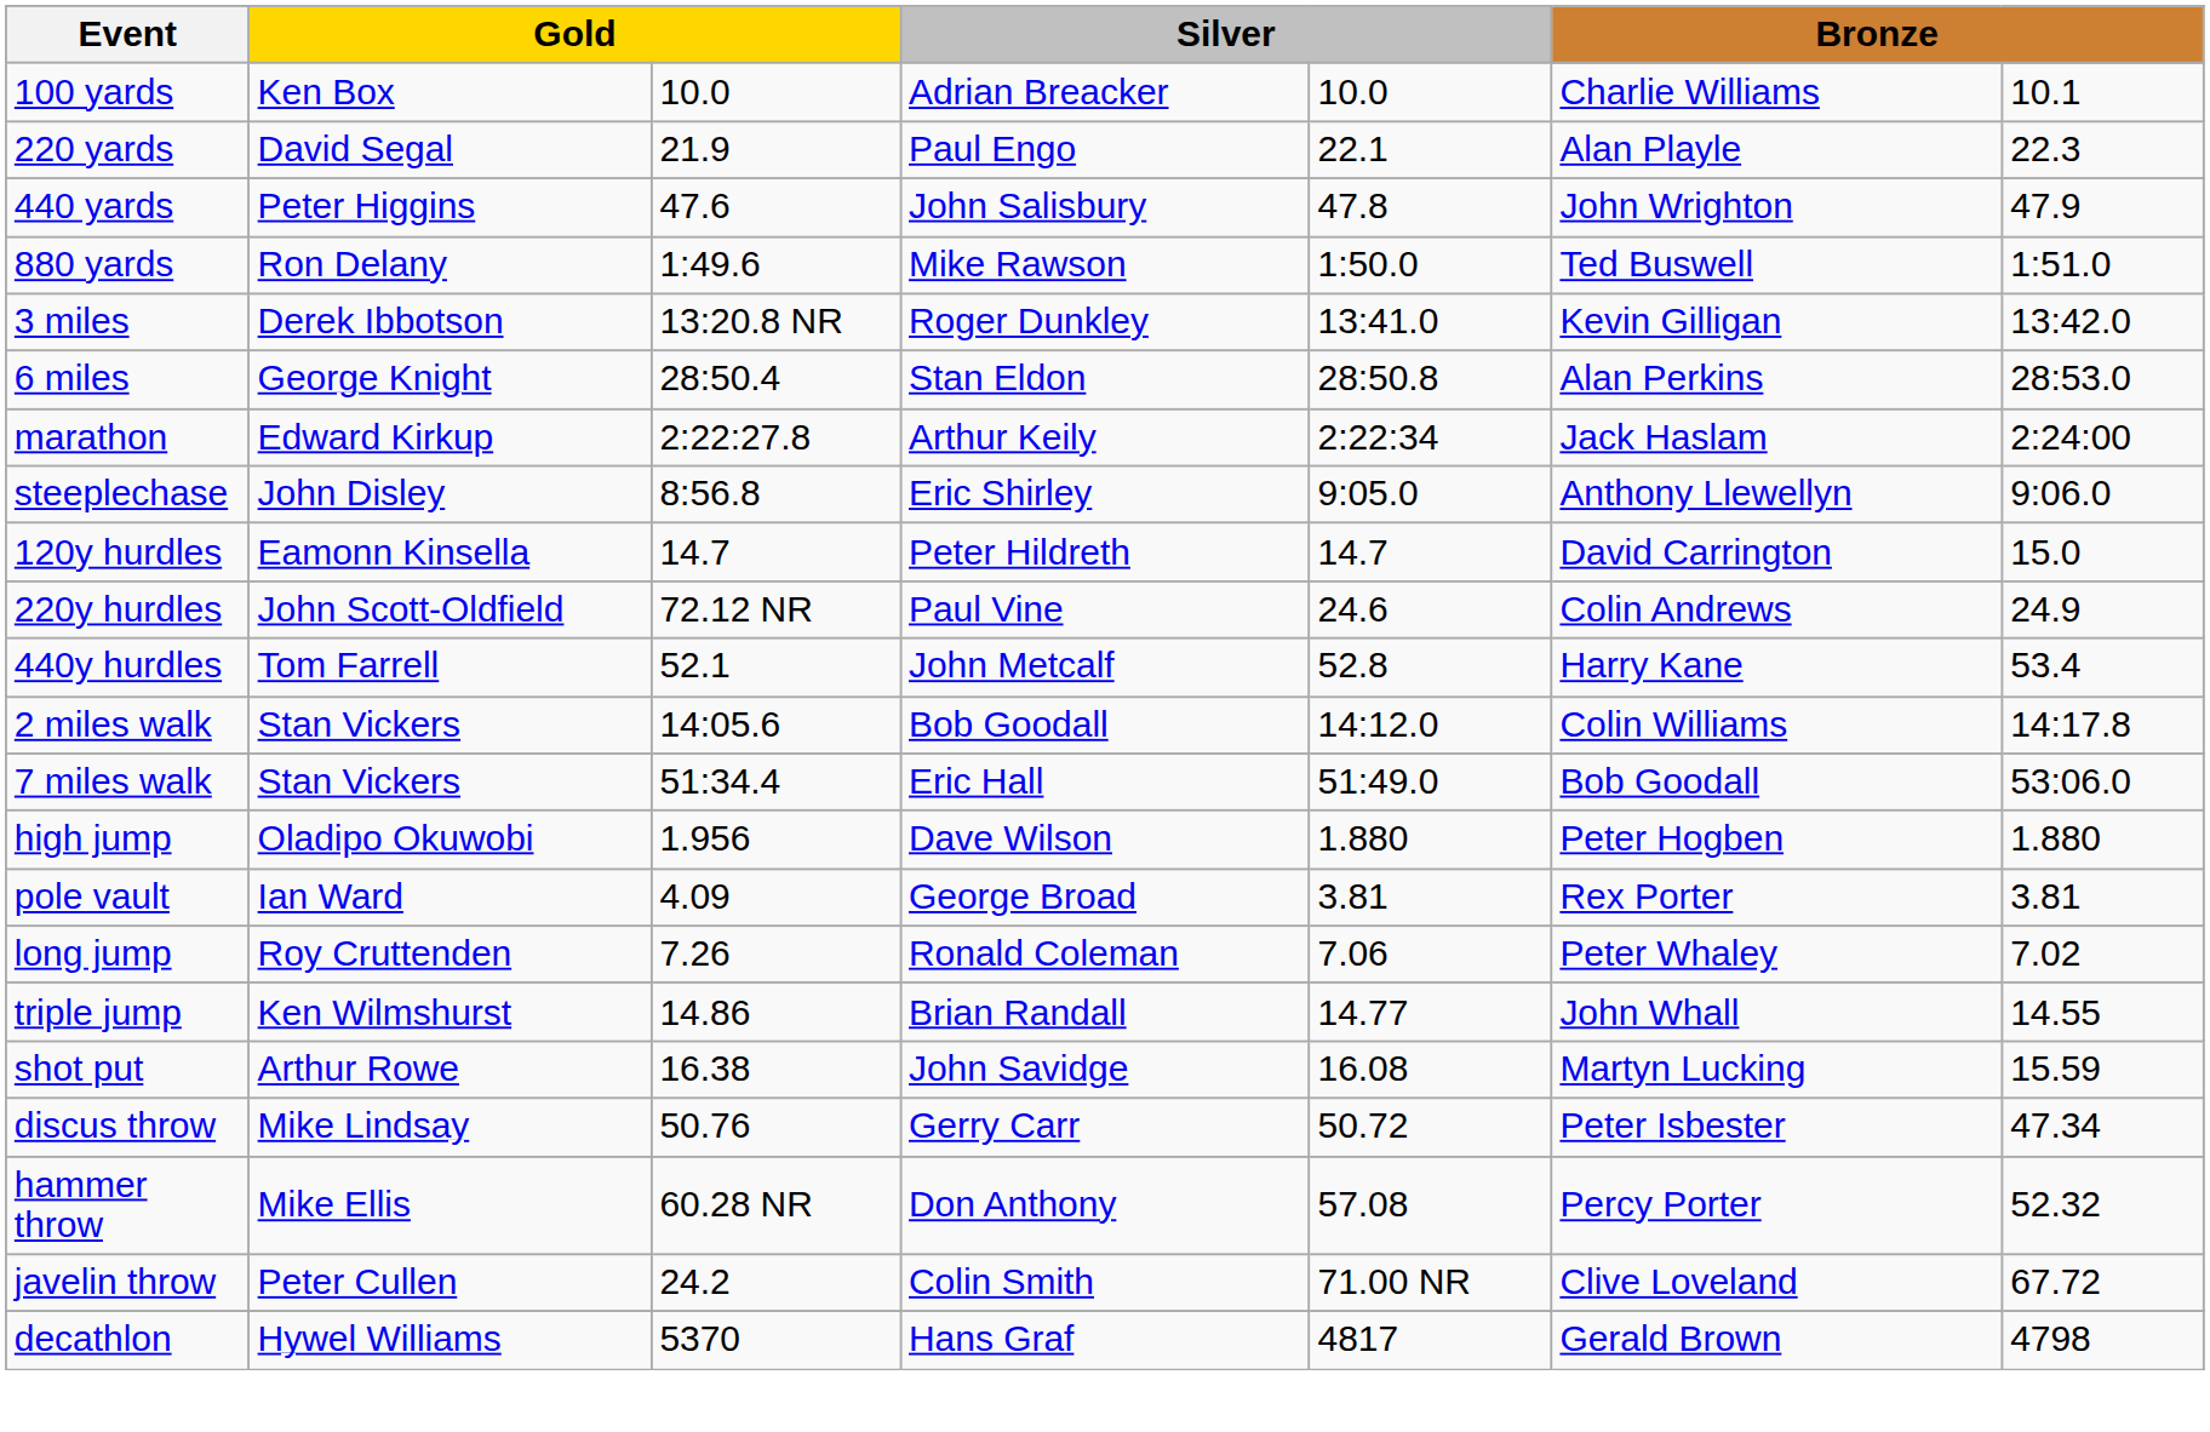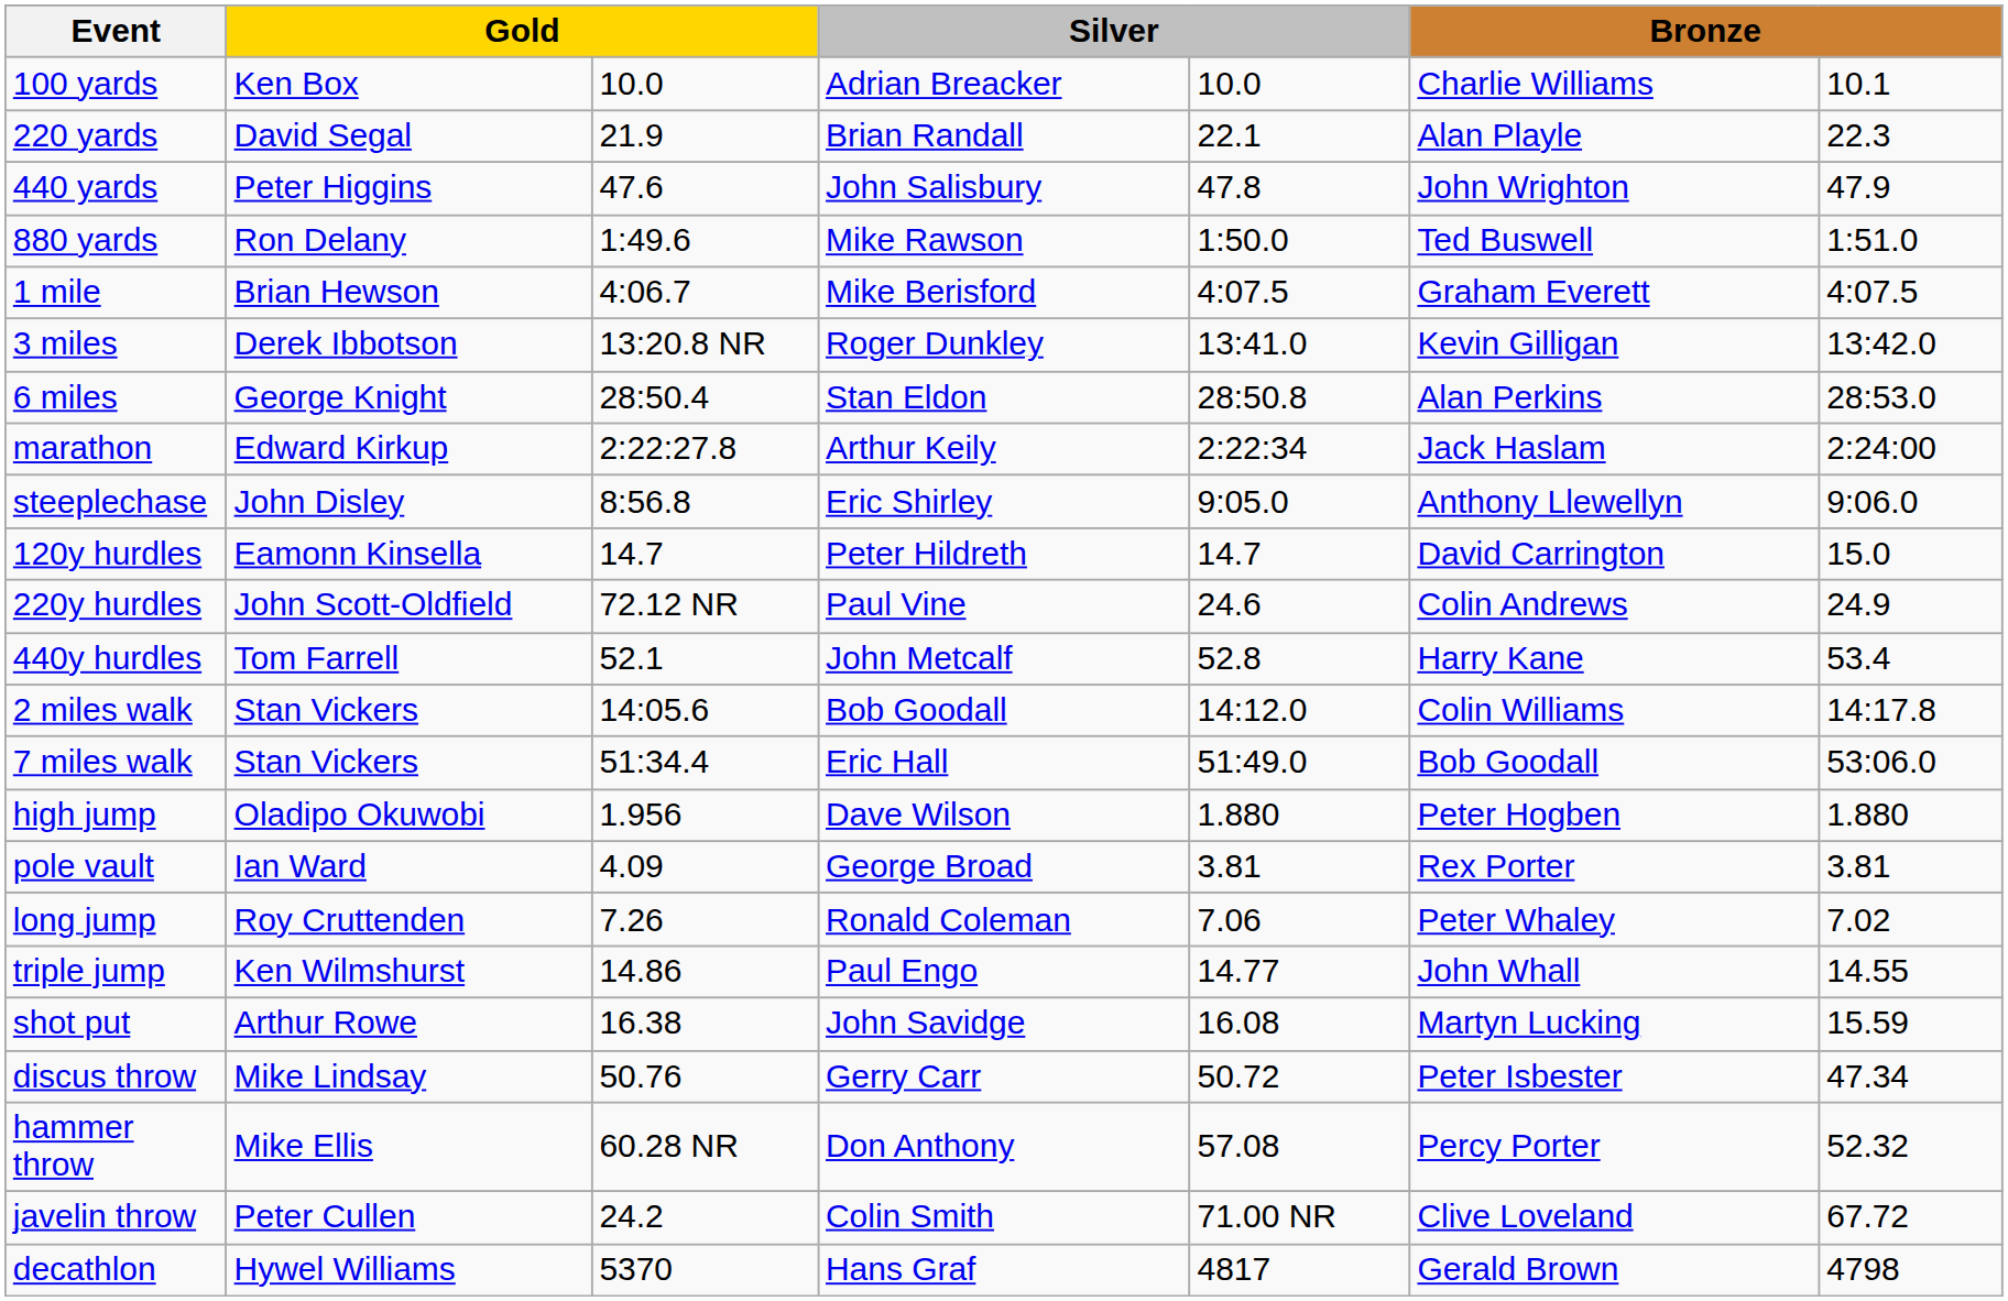 <table class="wikitable" style="text-align:left">
 <tr>
 <th width=100>Event</th>
 <th colspan="2" width="280" style="background:gold;">Gold</th>
 <th colspan="2" width="280" style="background:silver;">Silver</th>
 <th colspan="2" width="280" style="background:#CD7F32;">Bronze</th>
 </tr>
 <tr>
 <td><a href='#'>100 yards</a></td>
 <td><a href='#'>Ken Box</a></td>
 <td>10.0</td>
 <td><a href='#'>Adrian Breacker</a></td>
 <td>10.0</td>
 <td><a href='#'>Charlie Williams</a></td>
 <td>10.1</td>
 </tr>
 <tr>
 <td><a href='#'>220 yards</a></td>
 <td><a href='#'>David Segal</a></td>
 <td>21.9</td>
-<td> <a href='#'>Paul Engo</a></td>
+<td> <a href='#'>Brian Randall</a></td>
 <td>22.1</td>
 <td><a href='#'>Alan Playle</a></td>
 <td>22.3</td>
 </tr>
 <tr>
 <td><a href='#'>440 yards</a></td>
 <td><a href='#'>Peter Higgins</a></td>
 <td>47.6</td>
 <td><a href='#'>John Salisbury</a></td>
 <td>47.8</td>
 <td><a href='#'>John Wrighton</a></td>
 <td>47.9</td>
 </tr>
 <tr>
 <td><a href='#'>880 yards</a></td>
 <td> <a href='#'>Ron Delany</a></td>
 <td>1:49.6</td>
 <td><a href='#'>Mike Rawson</a></td>
 <td>1:50.0</td>
 <td><a href='#'>Ted Buswell</a></td>
 <td>1:51.0</td>
+</tr>
+<tr>
+<td><a href='#'>1 mile</a></td>
+<td><a href='#'>Brian Hewson</a></td>
+<td>4:06.7</td>
+<td> <a href='#'>Mike Berisford</a></td>
+<td>4:07.5</td>
+<td> <a href='#'>Graham Everett</a></td>
+<td>4:07.5</td>
 </tr>
 <tr>
 <td><a href='#'>3 miles</a></td>
 <td><a href='#'>Derek Ibbotson</a></td>
 <td>13:20.8 NR</td>
 <td><a href='#'>Roger Dunkley</a></td>
 <td>13:41.0</td>
 <td><a href='#'>Kevin Gilligan</a></td>
 <td>13:42.0</td>
 </tr>
 <tr>
 <td><a href='#'>6 miles</a></td>
 <td><a href='#'>George Knight</a></td>
 <td>28:50.4</td>
 <td><a href='#'>Stan Eldon</a></td>
 <td>28:50.8</td>
 <td><a href='#'>Alan Perkins</a></td>
 <td>28:53.0</td>
 </tr>
 <tr>
 <td><a href='#'>marathon</a></td>
 <td><a href='#'>Edward Kirkup</a></td>
 <td>2:22:27.8</td>
 <td><a href='#'>Arthur Keily</a></td>
 <td>2:22:34</td>
 <td><a href='#'>Jack Haslam</a></td>
 <td>2:24:00</td>
 </tr>
 <tr>
 <td><a href='#'>steeplechase</a></td>
 <td> <a href='#'>John Disley</a></td>
 <td>8:56.8</td>
 <td><a href='#'>Eric Shirley</a></td>
 <td>9:05.0</td>
 <td><a href='#'>Anthony Llewellyn</a></td>
 <td>9:06.0</td>
 </tr>
 <tr>
 <td><a href='#'>120y hurdles</a></td>
 <td> <a href='#'>Eamonn Kinsella</a></td>
 <td>14.7</td>
 <td><a href='#'>Peter Hildreth</a></td>
 <td>14.7</td>
 <td><a href='#'>David Carrington</a></td>
 <td>15.0</td>
 </tr>
 <tr>
 <td><a href='#'>220y hurdles</a></td>
 <td><a href='#'>John Scott-Oldfield</a></td>
 <td>72.12 NR</td>
 <td><a href='#'>Paul Vine</a></td>
 <td>24.6</td>
 <td><a href='#'>Colin Andrews</a></td>
 <td>24.9</td>
 </tr>
 <tr>
 <td><a href='#'>440y hurdles</a></td>
 <td><a href='#'>Tom Farrell</a></td>
 <td>52.1</td>
 <td><a href='#'>John Metcalf</a></td>
 <td>52.8</td>
 <td><a href='#'>Harry Kane</a></td>
 <td>53.4</td>
 </tr>
 <tr>
 <td><a href='#'>2 miles walk</a></td>
 <td><a href='#'>Stan Vickers</a></td>
 <td>14:05.6</td>
 <td><a href='#'>Bob Goodall</a></td>
 <td>14:12.0</td>
 <td><a href='#'>Colin Williams</a></td>
 <td>14:17.8</td>
 </tr>
 <tr>
 <td><a href='#'>7 miles walk</a></td>
 <td><a href='#'>Stan Vickers</a></td>
 <td>51:34.4</td>
 <td><a href='#'>Eric Hall</a></td>
 <td>51:49.0</td>
 <td><a href='#'>Bob Goodall</a></td>
 <td>53:06.0</td>
 </tr>
 <tr>
 <td><a href='#'>high jump</a></td>
 <td> <a href='#'>Oladipo Okuwobi</a></td>
 <td>1.956</td>
 <td><a href='#'>Dave Wilson</a></td>
 <td>1.880</td>
 <td><a href='#'>Peter Hogben</a></td>
 <td>1.880</td>
 </tr>
 <tr>
 <td><a href='#'>pole vault</a></td>
 <td><a href='#'>Ian Ward</a></td>
 <td>4.09</td>
 <td><a href='#'>George Broad</a></td>
 <td>3.81</td>
 <td><a href='#'>Rex Porter</a></td>
 <td>3.81</td>
 </tr>
 <tr>
 <td><a href='#'>long jump</a></td>
 <td><a href='#'>Roy Cruttenden</a></td>
 <td>7.26</td>
 <td><a href='#'>Ronald Coleman</a></td>
 <td>7.06</td>
 <td><a href='#'>Peter Whaley</a></td>
 <td>7.02</td>
 </tr>
 <tr>
 <td><a href='#'>triple jump</a></td>
 <td><a href='#'>Ken Wilmshurst</a></td>
 <td>14.86</td>
-<td> <a href='#'>Brian Randall</a></td>
+<td> <a href='#'>Paul Engo</a></td>
 <td>14.77</td>
 <td><a href='#'>John Whall</a></td>
 <td>14.55</td>
 </tr>
 <tr>
 <td><a href='#'>shot put</a></td>
 <td><a href='#'>Arthur Rowe</a></td>
 <td>16.38</td>
 <td><a href='#'>John Savidge</a></td>
 <td>16.08</td>
 <td><a href='#'>Martyn Lucking</a></td>
 <td>15.59</td>
 </tr>
 <tr>
 <td><a href='#'>discus throw</a></td>
 <td> <a href='#'>Mike Lindsay</a></td>
 <td>50.76</td>
 <td><a href='#'>Gerry Carr</a></td>
 <td>50.72</td>
 <td> <a href='#'>Peter Isbester</a></td>
 <td>47.34</td>
 </tr>
 <tr>
 <td><a href='#'>hammer throw</a></td>
 <td><a href='#'>Mike Ellis</a></td>
 <td>60.28 NR</td>
 <td><a href='#'>Don Anthony</a></td>
 <td>57.08</td>
 <td><a href='#'>Percy Porter</a></td>
 <td>52.32</td>
 </tr>
 <tr>
 <td><a href='#'>javelin throw</a></td>
 <td><a href='#'>Peter Cullen</a></td>
 <td>24.2</td>
 <td><a href='#'>Colin Smith</a></td>
 <td>71.00 NR</td>
 <td><a href='#'>Clive Loveland</a></td>
 <td>67.72</td>
 </tr>
 <tr>
 <td><a href='#'>decathlon</a></td>
 <td> <a href='#'>Hywel Williams</a></td>
 <td>5370</td>
 <td> <a href='#'>Hans Graf</a></td>
 <td>4817</td>
 <td> <a href='#'>Gerald Brown</a></td>
 <td>4798</td>
 </tr>
 </table>
